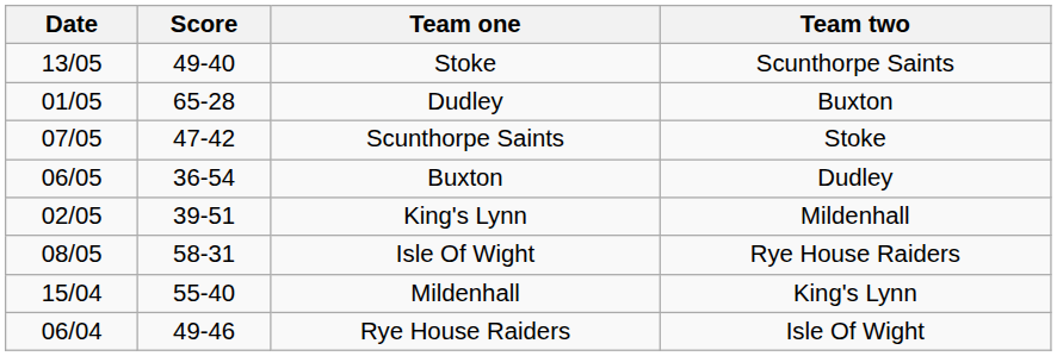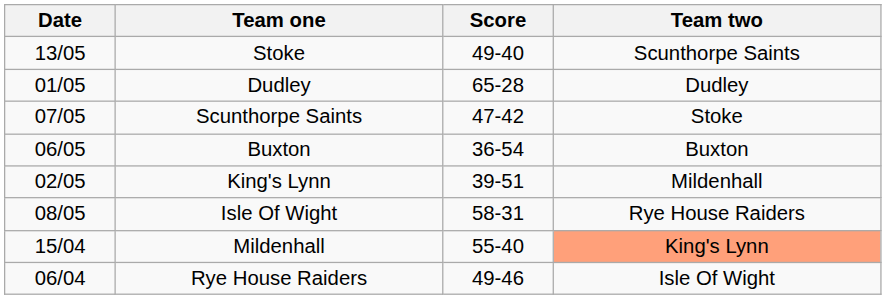 <table class="wikitable" style="text-align: center">
 <tr>
 <th width=80>Date</th>
+<th width=250>Team one</th>
 <th width=80>Score</th>
-<th width=250>Team one</th>
 <th width=250>Team two</th>
 </tr>
 <tr>
 <td>13/05</td>
+<td>Stoke</td>
 <td>49-40</td>
-<td>Stoke</td>
 <td>Scunthorpe Saints</td>
 </tr>
 <tr>
 <td>01/05</td>
+<td>Dudley</td>
 <td>65-28</td>
 <td>Dudley</td>
-<td>Buxton</td>
 </tr>
 <tr>
 <td>07/05</td>
+<td>Scunthorpe Saints</td>
 <td>47-42</td>
-<td>Scunthorpe Saints</td>
 <td>Stoke</td>
 </tr>
 <tr>
 <td>06/05</td>
+<td>Buxton</td>
 <td>36-54</td>
 <td>Buxton</td>
-<td>Dudley</td>
 </tr>
 <tr>
 <td>02/05</td>
+<td>King's Lynn</td>
 <td>39-51</td>
-<td>King's Lynn</td>
 <td>Mildenhall</td>
 </tr>
 <tr>
 <td>08/05</td>
+<td>Isle Of Wight</td>
 <td>58-31</td>
-<td>Isle Of Wight</td>
 <td>Rye House Raiders</td>
 </tr>
 <tr>
 <td>15/04</td>
+<td>Mildenhall</td>
 <td>55-40</td>
-<td>Mildenhall</td>
-<td>King's Lynn</td>
+<td style="background: lightsalmon;">King's Lynn</td>
 </tr>
 <tr>
 <td>06/04</td>
+<td>Rye House Raiders</td>
 <td>49-46</td>
-<td>Rye House Raiders</td>
 <td>Isle Of Wight</td>
 </tr>
 </table>
